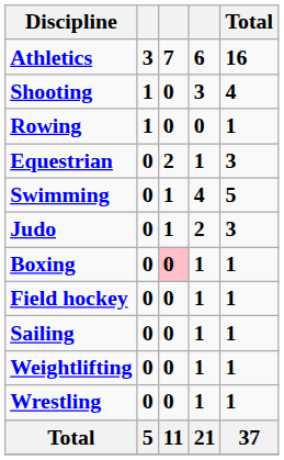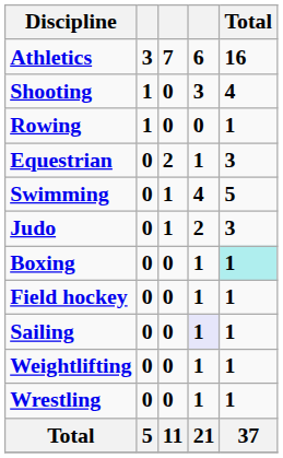 <table class="wikitable" style="font-size:85% align="right" style="text-align:center">
 <tr>
 <th>Discipline</th>
 <th></th>
 <th></th>
 <th></th>
 <th>Total</th>
 </tr>
 <tr style="font-weight:bold;">
 <td><a href='#'>Athletics</a></td>
 <td>3</td>
 <td>7</td>
 <td>6</td>
 <td>16</td>
 </tr>
 <tr style="font-weight:bold;">
 <td><a href='#'>Shooting</a></td>
 <td>1</td>
 <td>0</td>
 <td>3</td>
 <td>4</td>
 </tr>
 <tr style="font-weight:bold;">
 <td><a href='#'>Rowing</a></td>
 <td>1</td>
 <td>0</td>
 <td>0</td>
 <td>1</td>
 </tr>
 <tr style="font-weight:bold;">
 <td><a href='#'>Equestrian</a></td>
 <td>0</td>
 <td>2</td>
 <td>1</td>
 <td>3</td>
 </tr>
 <tr style="font-weight:bold;">
 <td><a href='#'>Swimming</a></td>
 <td>0</td>
 <td>1</td>
 <td>4</td>
 <td>5</td>
 </tr>
 <tr style="font-weight:bold;">
 <td><a href='#'>Judo</a></td>
 <td>0</td>
 <td>1</td>
 <td>2</td>
 <td>3</td>
 </tr>
 <tr style="font-weight:bold;">
 <td><a href='#'>Boxing</a></td>
 <td>0</td>
-<td style="background: pink;">0</td>
+<td>0</td>
 <td>1</td>
-<td>1</td>
+<td style="background: paleturquoise;">1</td>
 </tr>
 <tr style="font-weight:bold;">
 <td><a href='#'>Field hockey</a></td>
 <td>0</td>
 <td>0</td>
 <td>1</td>
 <td>1</td>
 </tr>
 <tr style="font-weight:bold;">
 <td><a href='#'>Sailing</a></td>
 <td>0</td>
 <td>0</td>
-<td>1</td>
+<td style="background: lavender;">1</td>
 <td>1</td>
 </tr>
 <tr style="font-weight:bold;">
 <td><a href='#'>Weightlifting</a></td>
 <td>0</td>
 <td>0</td>
 <td>1</td>
 <td>1</td>
 </tr>
 <tr style="font-weight:bold;">
 <td><a href='#'>Wrestling</a></td>
 <td>0</td>
 <td>0</td>
 <td>1</td>
 <td>1</td>
 </tr>
 <tr>
 <th>Total</th>
 <th>5</th>
 <th>11</th>
 <th>21</th>
 <th>37</th>
 </tr>
 <tr>
 </tr>
 </table>
